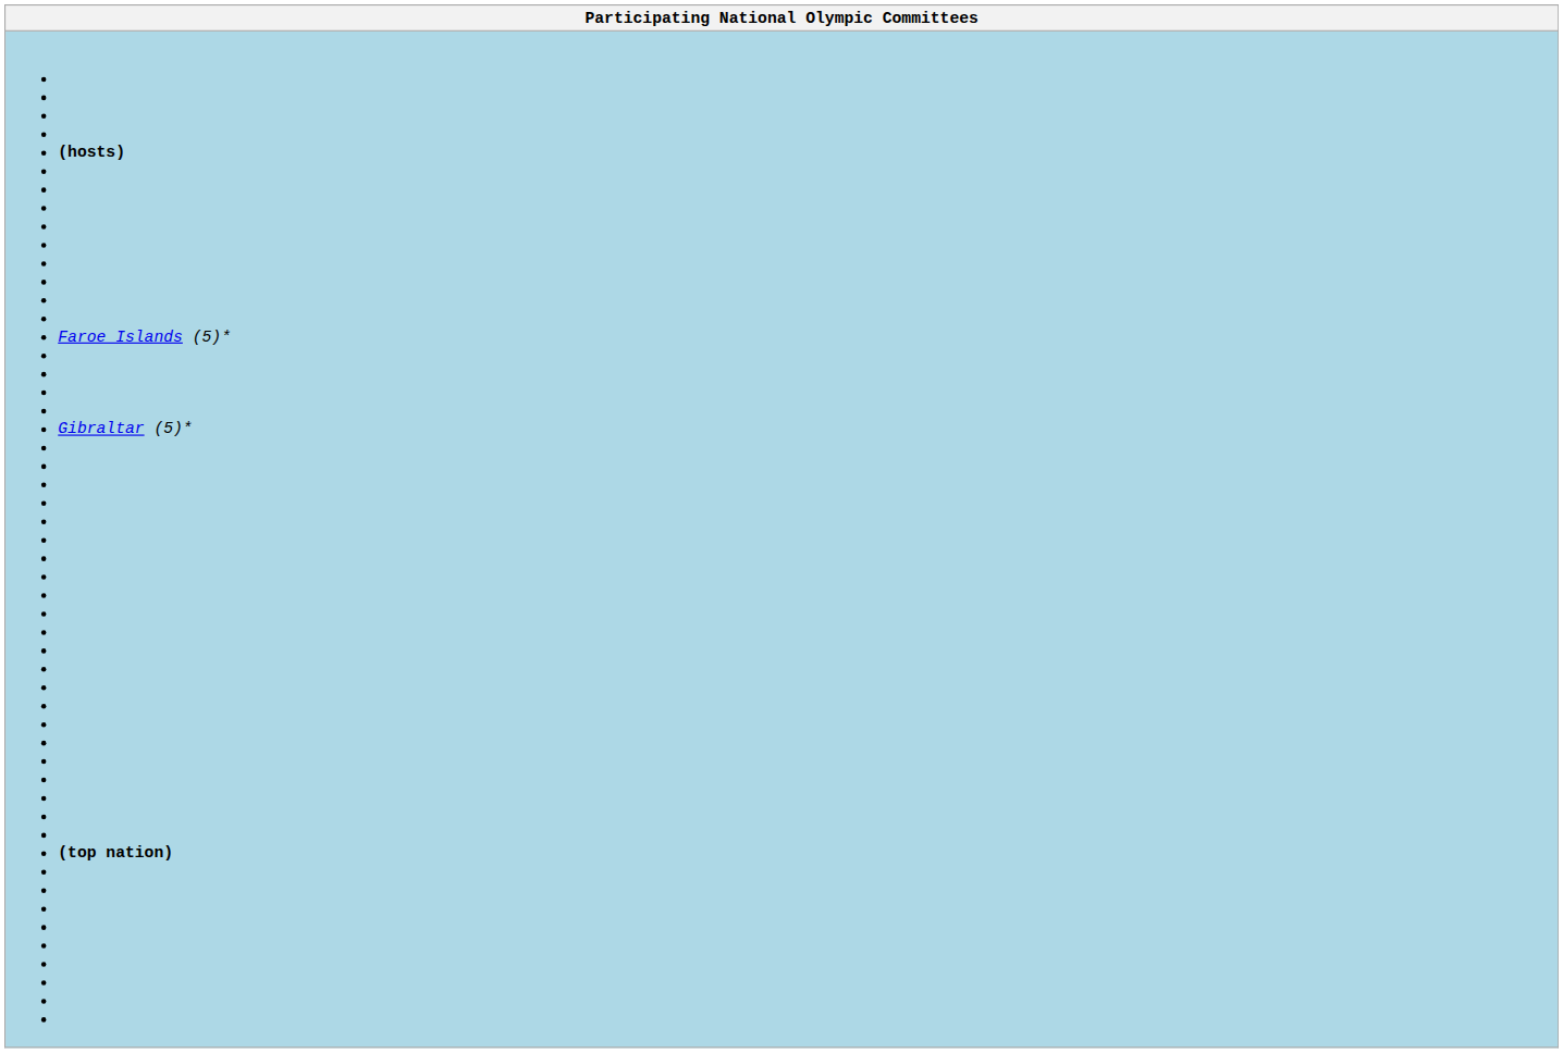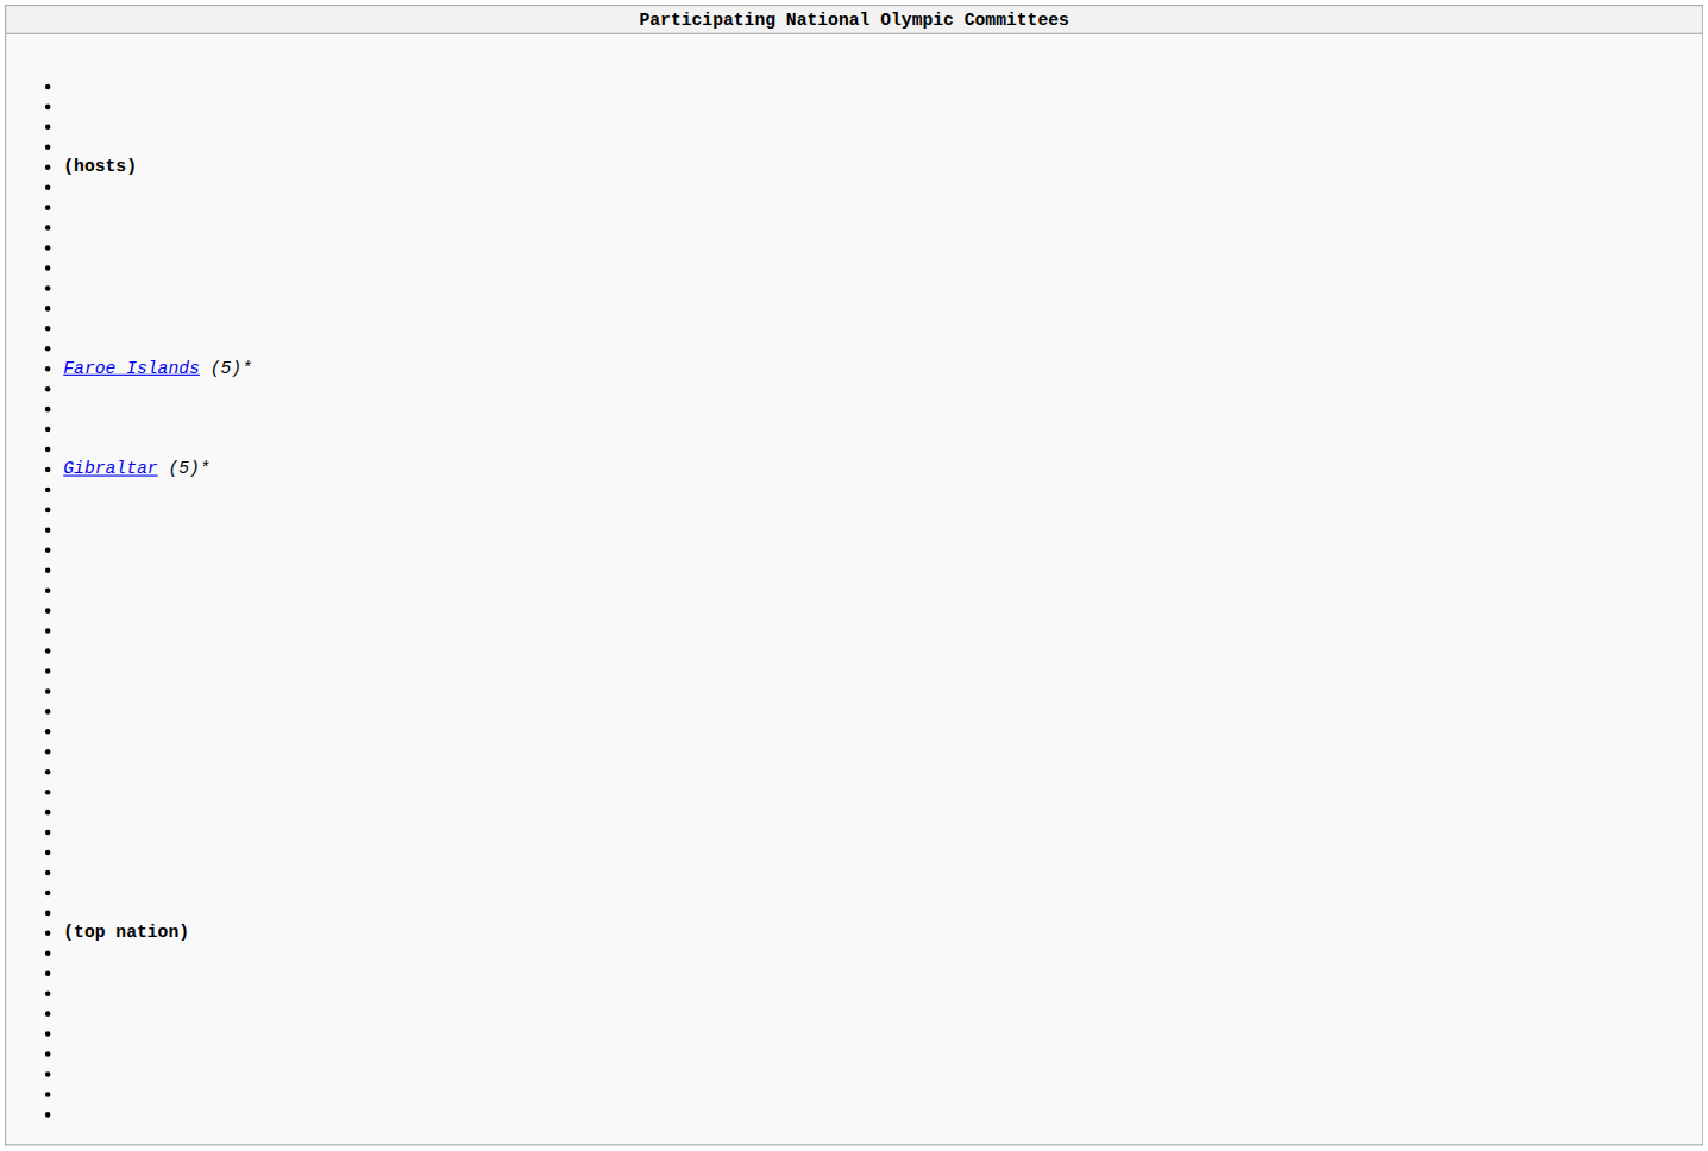 <table class="wikitable collapsible" style="width:100%;">
 <tr>
 <th>Participating National Olympic Committees</th>
 </tr>
 <tr>
-<td style="background: lightblue;"><br><ul><li></li><li></li><li></li><li></li><li> <strong>(hosts)</strong></li><li></li><li></li><li></li><li></li><li></li><li></li><li></li><li></li><li></li><li><em> <a href='#'>Faroe Islands</a> (5)*</em></li><li></li><li></li><li></li><li></li><li><em> <a href='#'>Gibraltar</a> (5)*</em></li><li></li><li></li><li></li><li></li><li></li><li></li><li></li><li></li><li></li><li></li><li></li><li></li><li></li><li></li><li></li><li></li><li></li><li></li><li></li><li></li><li></li><li></li><li> <strong> (top nation) </strong></li><li></li><li></li><li></li><li></li><li></li><li></li><li></li><li></li><li></li></ul></td>
+<td><br><ul><li></li><li></li><li></li><li></li><li> <strong>(hosts)</strong></li><li></li><li></li><li></li><li></li><li></li><li></li><li></li><li></li><li></li><li><em> <a href='#'>Faroe Islands</a> (5)*</em></li><li></li><li></li><li></li><li></li><li><em> <a href='#'>Gibraltar</a> (5)*</em></li><li></li><li></li><li></li><li></li><li></li><li></li><li></li><li></li><li></li><li></li><li></li><li></li><li></li><li></li><li></li><li></li><li></li><li></li><li></li><li></li><li></li><li></li><li> <strong> (top nation) </strong></li><li></li><li></li><li></li><li></li><li></li><li></li><li></li><li></li><li></li></ul></td>
 </tr>
 </table>
